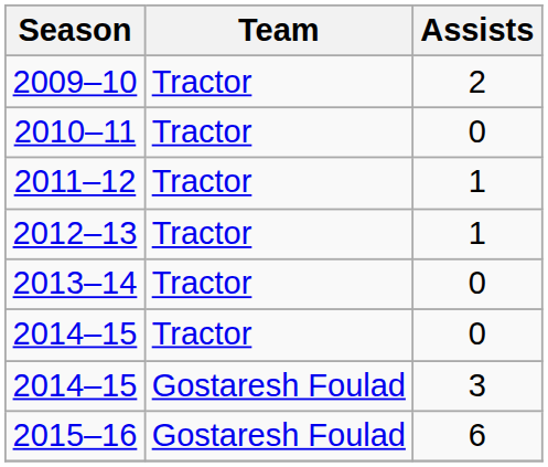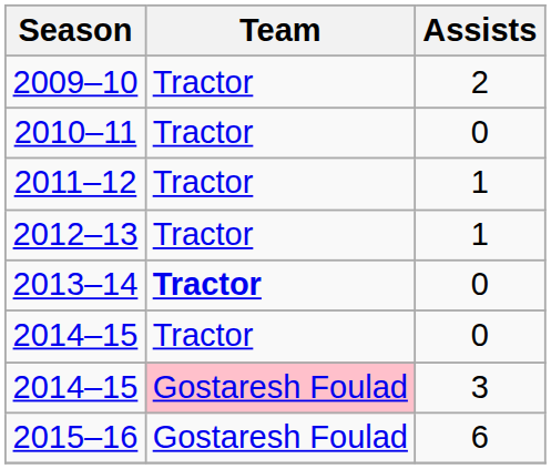 <table class="wikitable" style="text-align: center;">
 <tr>
 <th>Season</th>
 <th>Team</th>
 <th>Assists</th>
 </tr>
 <tr>
 <td><a href='#'>2009–10</a></td>
 <td align="left"><a href='#'>Tractor</a></td>
 <td>2</td>
 </tr>
 <tr>
 <td><a href='#'>2010–11</a></td>
 <td align="left"><a href='#'>Tractor</a></td>
 <td>0</td>
 </tr>
 <tr>
 <td><a href='#'>2011–12</a></td>
 <td align="left"><a href='#'>Tractor</a></td>
 <td>1</td>
 </tr>
 <tr>
 <td><a href='#'>2012–13</a></td>
 <td align="left"><a href='#'>Tractor</a></td>
 <td>1</td>
 </tr>
 <tr>
 <td><a href='#'>2013–14</a></td>
-<td align="left"><a href='#'>Tractor</a></td>
+<td align="left"><strong><a href='#'>Tractor</a></strong></td>
 <td>0</td>
 </tr>
 <tr>
 <td><a href='#'>2014–15</a></td>
 <td align="left"><a href='#'>Tractor</a></td>
 <td>0</td>
 </tr>
 <tr>
 <td><a href='#'>2014–15</a></td>
-<td align="left"><a href='#'>Gostaresh Foulad</a></td>
+<td align="left" style="background: pink;"><a href='#'>Gostaresh Foulad</a></td>
 <td>3</td>
 </tr>
 <tr>
 <td><a href='#'>2015–16</a></td>
 <td align="left"><a href='#'>Gostaresh Foulad</a></td>
 <td>6</td>
 </tr>
 <tr>
 </tr>
 </table>
